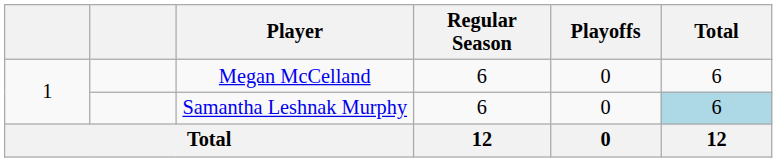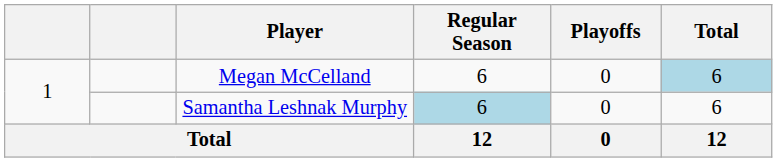 <table class="wikitable sortable" style="text-align:center;">
 <tr>
 <th width=60></th>
 <th width=60></th>
 <th width=180>Player</th>
 <th width=100>Regular Season</th>
 <th width="80">Playoffs</th>
 <th width=80>Total</th>
 </tr>
 <tr>
 <td rowspan="2">1</td>
 <td></td>
 <td><a href='#'>Megan McCelland</a></td>
 <td>6</td>
 <td>0</td>
-<td>6</td>
+<td style="background: lightblue;">6</td>
 </tr>
 <tr>
 <td></td>
 <td><a href='#'>Samantha Leshnak Murphy</a></td>
+<td style="background: lightblue;">6</td>
+<td>0</td>
 <td>6</td>
-<td>0</td>
-<td style="background: lightblue;">6</td>
 </tr>
 <tr>
 <th colspan="3">Total</th>
 <th>12</th>
 <th>0</th>
 <th>12</th>
 </tr>
 </table>
